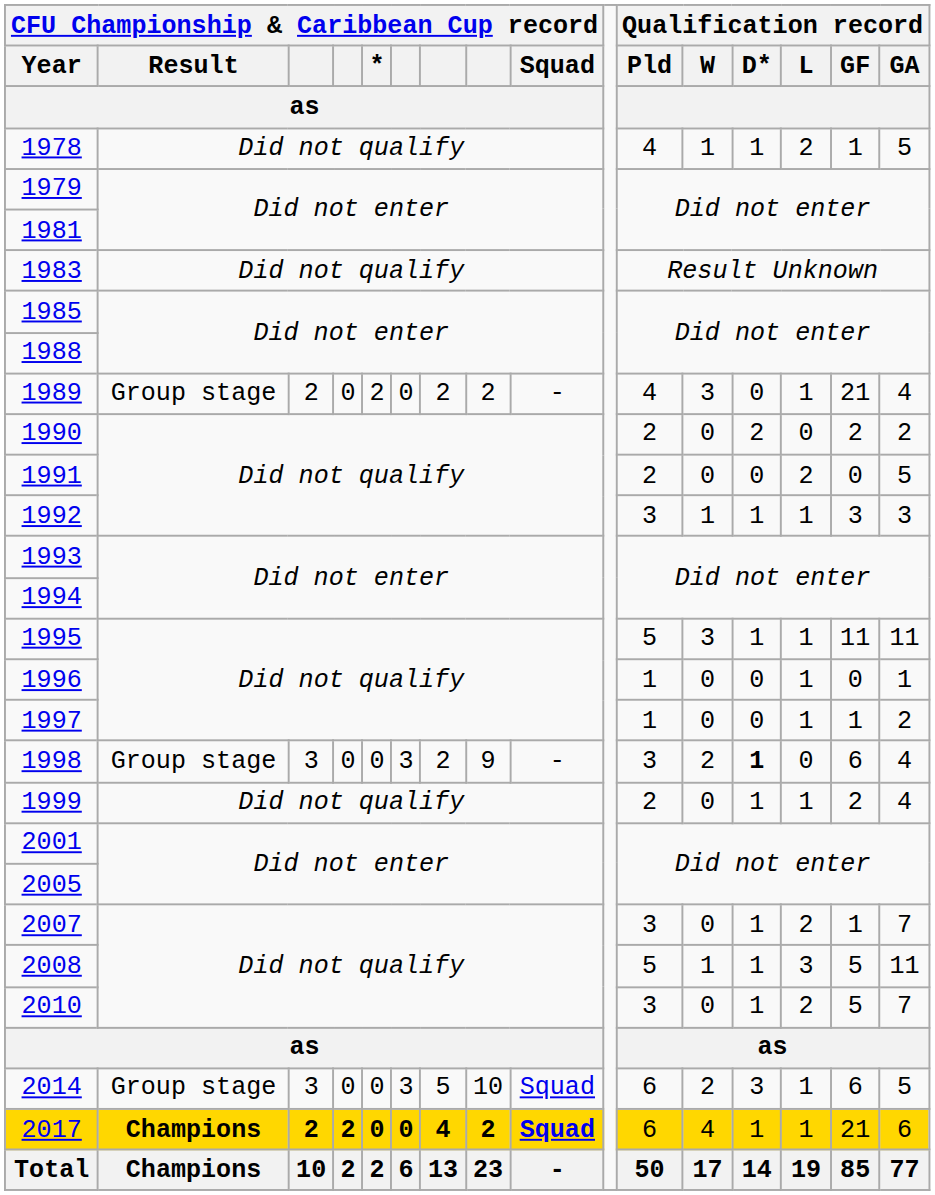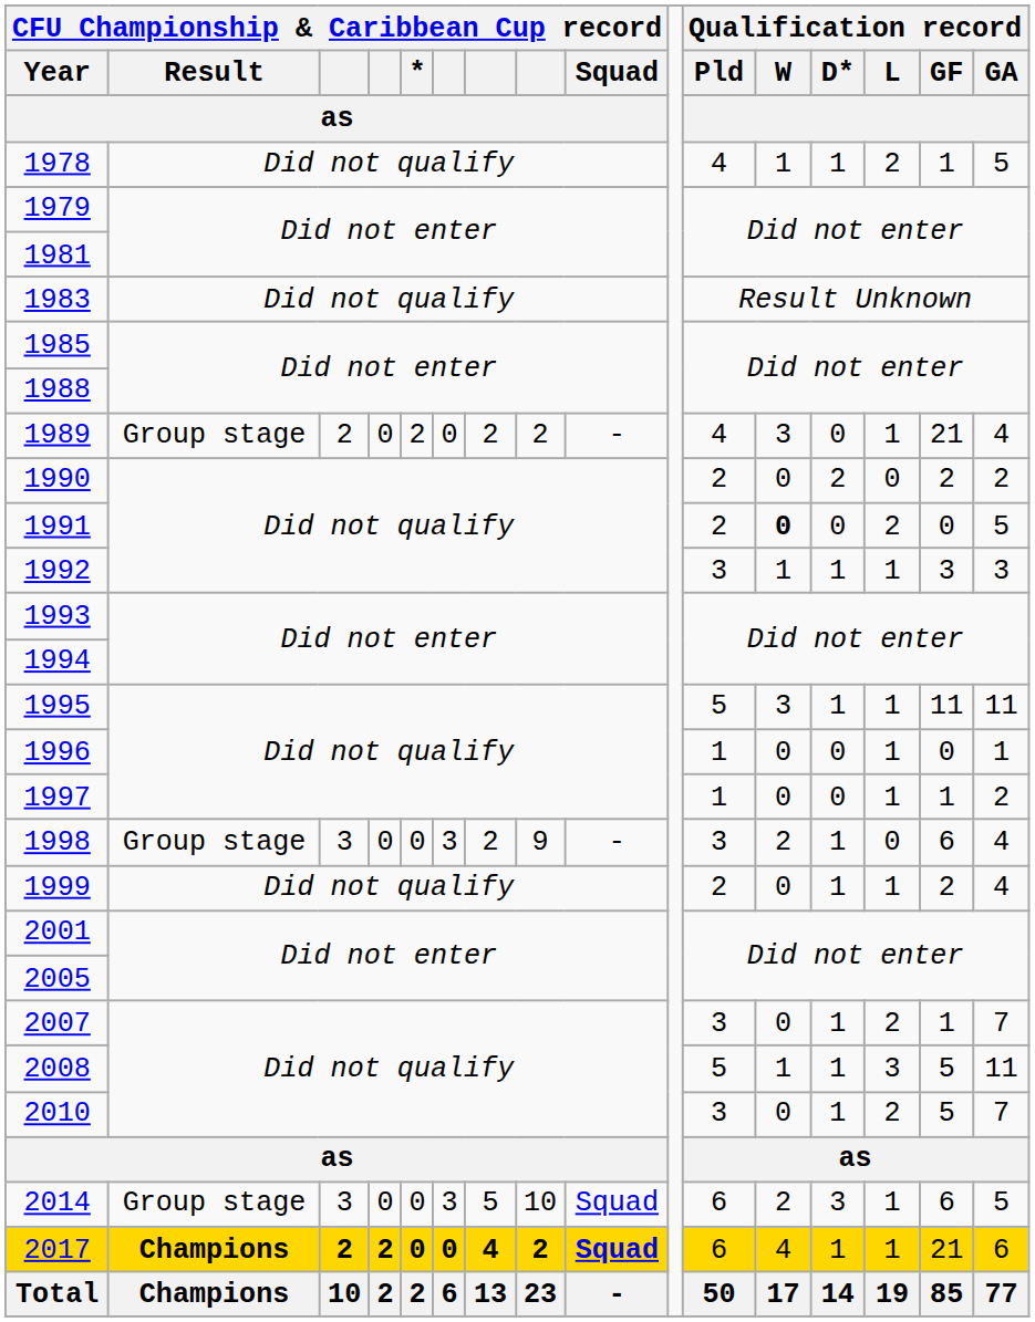 <table class="wikitable" style="text-align: center;">
 <tr>
 <th colspan=9><a href='#'>CFU Championship</a> & <a href='#'>Caribbean Cup</a> record</th>
 <td rowspan=29></td>
 <th colspan=6>Qualification record</th>
 </tr>
 <tr>
 <th>Year</th>
 <th>Result</th>
 <th></th>
 <th></th>
 <th>*</th>
 <th></th>
 <th></th>
 <th></th>
 <th>Squad</th>
 <th>Pld</th>
 <th>W</th>
 <th>D*</th>
 <th>L</th>
 <th>GF</th>
 <th>GA</th>
 </tr>
 <tr>
 <th colspan=9>as </th>
 <th colspan=6></th>
 </tr>
 <tr>
 <td> <a href='#'>1978</a></td>
 <td colspan=8><em>Did not qualify</em></td>
 <td>4</td>
 <td>1</td>
 <td>1</td>
 <td>2</td>
 <td>1</td>
 <td>5</td>
 </tr>
 <tr>
 <td> <a href='#'>1979</a></td>
 <td colspan=8 rowspan=2><em>Did not enter</em></td>
 <td colspan=6 rowspan=2><em>Did not enter</em></td>
 </tr>
 <tr>
 <td> <a href='#'>1981</a></td>
 </tr>
 <tr>
 <td> <a href='#'>1983</a></td>
 <td colspan=8><em>Did not qualify</em></td>
 <td colspan=6><em>Result Unknown</em></td>
 </tr>
 <tr>
 <td> <a href='#'>1985</a></td>
 <td colspan=8 rowspan=2><em>Did not enter</em></td>
 <td colspan=6 rowspan=2><em>Did not enter</em></td>
 </tr>
 <tr>
 <td> <a href='#'>1988</a></td>
 </tr>
 <tr>
 <td> <a href='#'>1989</a></td>
 <td>Group stage</td>
 <td>2</td>
 <td>0</td>
 <td>2</td>
 <td>0</td>
 <td>2</td>
 <td>2</td>
 <td>-</td>
 <td>4</td>
 <td>3</td>
 <td>0</td>
 <td>1</td>
 <td>21</td>
 <td>4</td>
 </tr>
 <tr>
 <td> <a href='#'>1990</a></td>
 <td colspan=8 rowspan=3><em>Did not qualify</em></td>
 <td>2</td>
 <td>0</td>
 <td>2</td>
 <td>0</td>
 <td>2</td>
 <td>2</td>
 </tr>
 <tr>
 <td> <a href='#'>1991</a></td>
 <td>2</td>
-<td>0</td>
+<td><strong>0</strong></td>
 <td>0</td>
 <td>2</td>
 <td>0</td>
 <td>5</td>
 </tr>
 <tr>
 <td> <a href='#'>1992</a></td>
 <td>3</td>
 <td>1</td>
 <td>1</td>
 <td>1</td>
 <td>3</td>
 <td>3</td>
 </tr>
 <tr>
 <td> <a href='#'>1993</a></td>
 <td colspan=8 rowspan=2><em>Did not enter</em></td>
 <td colspan=6 rowspan=2><em>Did not enter</em></td>
 </tr>
 <tr>
 <td> <a href='#'>1994</a></td>
 </tr>
 <tr>
 <td>  <a href='#'>1995</a></td>
 <td colspan=8 rowspan=3><em>Did not qualify</em></td>
 <td>5</td>
 <td>3</td>
 <td>1</td>
 <td>1</td>
 <td>11</td>
 <td>11</td>
 </tr>
 <tr>
 <td> <a href='#'>1996</a></td>
 <td>1</td>
 <td>0</td>
 <td>0</td>
 <td>1</td>
 <td>0</td>
 <td>1</td>
 </tr>
 <tr>
 <td>  <a href='#'>1997</a></td>
 <td>1</td>
 <td>0</td>
 <td>0</td>
 <td>1</td>
 <td>1</td>
 <td>2</td>
 </tr>
 <tr>
 <td>  <a href='#'>1998</a></td>
 <td>Group stage</td>
 <td>3</td>
 <td>0</td>
 <td>0</td>
 <td>3</td>
 <td>2</td>
 <td>9</td>
 <td>-</td>
 <td>3</td>
 <td>2</td>
-<td><strong>1</strong></td>
+<td>1</td>
 <td>0</td>
 <td>6</td>
 <td>4</td>
 </tr>
 <tr>
 <td> <a href='#'>1999</a></td>
 <td colspan=8><em>Did not qualify</em></td>
 <td>2</td>
 <td>0</td>
 <td>1</td>
 <td>1</td>
 <td>2</td>
 <td>4</td>
 </tr>
 <tr>
 <td> <a href='#'>2001</a></td>
 <td colspan=8 rowspan=2><em>Did not enter</em></td>
 <td colspan=6 rowspan=2><em>Did not enter</em></td>
 </tr>
 <tr>
 <td> <a href='#'>2005</a></td>
 </tr>
 <tr>
 <td> <a href='#'>2007</a></td>
 <td colspan=8 rowspan=3><em>Did not qualify</em></td>
 <td>3</td>
 <td>0</td>
 <td>1</td>
 <td>2</td>
 <td>1</td>
 <td>7</td>
 </tr>
 <tr>
 <td> <a href='#'>2008</a></td>
 <td>5</td>
 <td>1</td>
 <td>1</td>
 <td>3</td>
 <td>5</td>
 <td>11</td>
 </tr>
 <tr>
 <td> <a href='#'>2010</a></td>
 <td>3</td>
 <td>0</td>
 <td>1</td>
 <td>2</td>
 <td>5</td>
 <td>7</td>
 </tr>
 <tr>
 <th colspan=9>as </th>
 <th colspan=6>as </th>
 </tr>
 <tr>
 <td> <a href='#'>2014</a></td>
 <td>Group stage</td>
 <td>3</td>
 <td>0</td>
 <td>0</td>
 <td>3</td>
 <td>5</td>
 <td>10</td>
 <td><a href='#'>Squad</a></td>
 <td>6</td>
 <td>2</td>
 <td>3</td>
 <td>1</td>
 <td>6</td>
 <td>5</td>
 </tr>
 <tr bgcolor=gold>
 <td> <a href='#'>2017</a></td>
 <td><strong>Champions</strong></td>
 <td><strong>2</strong></td>
 <td><strong>2</strong></td>
 <td><strong>0</strong></td>
 <td><strong>0</strong></td>
 <td><strong>4</strong></td>
 <td><strong>2</strong></td>
 <td><strong><a href='#'>Squad</a></strong></td>
 <td>6</td>
 <td>4</td>
 <td>1</td>
 <td>1</td>
 <td>21</td>
 <td>6</td>
 </tr>
 <tr>
 <th>Total</th>
 <th>Champions</th>
 <th>10</th>
 <th>2</th>
 <th>2</th>
 <th>6</th>
 <th>13</th>
 <th>23</th>
 <th>-</th>
 <th>50</th>
 <th>17</th>
 <th>14</th>
 <th>19</th>
 <th>85</th>
 <th>77</th>
 </tr>
 </table>
